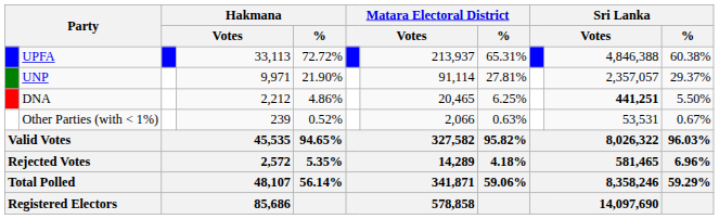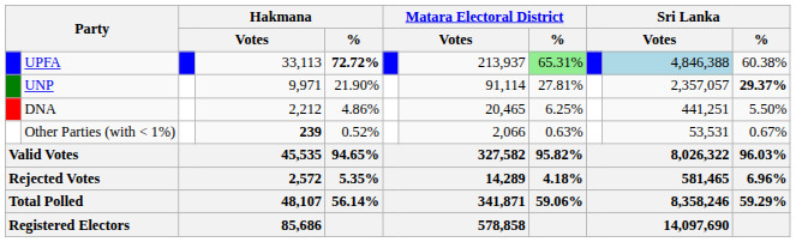 <table class="wikitable">
 <tr>
 <th colspan="2" width="144px"rowspan="2">Party</th>
 <th colspan="3" width="216px">Hakmana</th>
 <th colspan="3" width="216px"><a href='#'>Matara Electoral District</a></th>
 <th colspan="3" width="216px">Sri Lanka</th>
 </tr>
 <tr>
 <th colspan="2" width="144px">Votes</th>
 <th>%</th>
 <th colspan="2" width="144px">Votes</th>
 <th>%</th>
 <th colspan="2" width="144px">Votes</th>
 <th>%</th>
 </tr>
 <tr>
 <td style="background-color:blue;" width="10px"></td>
 <td style="text-align:left;"><a href='#'>UPFA</a></td>
 <td style="background-color:blue;" width="10px"></td>
 <td style="text-align:right;">33,113</td>
-<td style="text-align:right;">72.72%</td>
+<td style="text-align:right;"><strong>72.72%</strong></td>
 <td style="background-color:blue;" width="10px"></td>
 <td style="text-align:right;">213,937</td>
-<td style="text-align:right;">65.31%</td>
+<td style="background: lightgreen; text-align:right;">65.31%</td>
 <td style="background-color:blue;" width="10px"></td>
-<td style="text-align:right;">4,846,388</td>
+<td style="background: lightblue; text-align:right;">4,846,388</td>
 <td style="text-align:right;">60.38%</td>
 </tr>
 <tr>
 <td style="background-color:green;" width="10px"></td>
 <td style="text-align:left;"><a href='#'>UNP</a></td>
 <td style="background-color:white;" width="10px"></td>
 <td style="text-align:right;">9,971</td>
 <td style="text-align:right;">21.90%</td>
 <td style="background-color:white;" width="10px"></td>
 <td style="text-align:right;">91,114</td>
 <td style="text-align:right;">27.81%</td>
 <td style="background-color:white;" width="10px"></td>
 <td style="text-align:right;">2,357,057</td>
-<td style="text-align:right;">29.37%</td>
+<td style="text-align:right;"><strong>29.37%</strong></td>
 </tr>
 <tr>
 <td style="background-color:red;" width="10px"></td>
 <td style="text-align:left;">DNA</td>
 <td style="background-color:white;" width="10px"></td>
 <td style="text-align:right;">2,212</td>
 <td style="text-align:right;">4.86%</td>
 <td style="background-color:white;" width="10px"></td>
 <td style="text-align:right;">20,465</td>
 <td style="text-align:right;">6.25%</td>
 <td style="background-color:white;" width="10px"></td>
-<td style="text-align:right;"><strong>441,251</strong></td>
+<td style="text-align:right;">441,251</td>
 <td style="text-align:right;">5.50%</td>
 </tr>
 <tr>
 <td style="background-color:white;" width="10px"></td>
 <td style="text-align:left;">Other Parties (with < 1%)</td>
 <td style="background-color:white;" width="10px"></td>
-<td style="text-align:right;">239</td>
+<td style="text-align:right;"><strong>239</strong></td>
 <td style="text-align:right;">0.52%</td>
 <td style="background-color:white;" width="10px"></td>
 <td style="text-align:right;">2,066</td>
 <td style="text-align:right;">0.63%</td>
 <td style="background-color:white;" width="10px"></td>
 <td style="text-align:right;">53,531</td>
 <td style="text-align:right;">0.67%</td>
 </tr>
 <tr>
 <th colspan="2" width="144px"style="text-align:left;">Valid Votes</th>
 <th style="text-align:right;"colspan="2" width="144px">45,535</th>
 <th style="text-align:right;">94.65%</th>
 <th style="text-align:right;"colspan="2" width="144px">327,582</th>
 <th style="text-align:right;">95.82%</th>
 <th style="text-align:right;"colspan="2" width="144px">8,026,322</th>
 <th style="text-align:right;">96.03%</th>
 </tr>
 <tr>
 <th colspan="2" width="144px"style="text-align:left;">Rejected Votes</th>
 <th style="text-align:right;"colspan="2" width="144px">2,572</th>
 <th style="text-align:right;">5.35%</th>
 <th style="text-align:right;"colspan="2" width="144px">14,289</th>
 <th style="text-align:right;">4.18%</th>
 <th style="text-align:right;"colspan="2" width="144px">581,465</th>
 <th style="text-align:right;">6.96%</th>
 </tr>
 <tr>
 <th colspan="2" width="144px"style="text-align:left;">Total Polled</th>
 <th style="text-align:right;"colspan="2" width="144px">48,107</th>
 <th style="text-align:right;">56.14%</th>
 <th style="text-align:right;"colspan="2" width="144px">341,871</th>
 <th style="text-align:right;">59.06%</th>
 <th style="text-align:right;"colspan="2" width="144px">8,358,246</th>
 <th style="text-align:right;">59.29%</th>
 </tr>
 <tr>
 <th colspan="2" width="144px"style="text-align:left;">Registered Electors</th>
 <th style="text-align:right;"colspan="2" width="144px">85,686</th>
 <th></th>
 <th style="text-align:right;"colspan="2" width="144px">578,858</th>
 <th></th>
 <th style="text-align:right;"colspan="2" width="144px">14,097,690</th>
 <th></th>
 </tr>
 </table>
